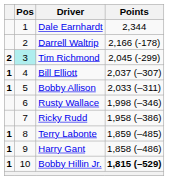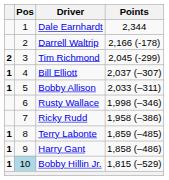 <table class="wikitable" style="font-size: 95%;">
 <tr>
 <th></th>
 <th>Pos</th>
 <th>Driver</th>
 <th>Points</th>
 </tr>
 <tr>
 <td align="left"></td>
 <td style="text-align:center;">1</td>
 <td><a href='#'>Dale Earnhardt</a></td>
 <td style="text-align:center;">2,344</td>
 </tr>
 <tr>
 <td align="left"></td>
 <td style="text-align:center;">2</td>
 <td><a href='#'>Darrell Waltrip</a></td>
 <td style="text-align:center;">2,166 (-178)</td>
 </tr>
 <tr>
 <td align="left">  <strong>2</strong></td>
-<td style="background: paleturquoise; text-align:center;">3</td>
+<td style="text-align:center;">3</td>
 <td><a href='#'>Tim Richmond</a></td>
 <td style="text-align:center;">2,045 (-299)</td>
 </tr>
 <tr>
 <td align="left">  <strong>1</strong></td>
 <td style="text-align:center;">4</td>
 <td><a href='#'>Bill Elliott</a></td>
 <td style="text-align:center;">2,037 (–307)</td>
 </tr>
 <tr>
 <td align="left">  <strong>1</strong></td>
 <td style="text-align:center;">5</td>
 <td><a href='#'>Bobby Allison</a></td>
 <td style="text-align:center;">2,033 (–311)</td>
 </tr>
 <tr>
 <td align="left"></td>
 <td style="text-align:center;">6</td>
 <td><a href='#'>Rusty Wallace</a></td>
 <td style="text-align:center;">1,998 (–346)</td>
 </tr>
 <tr>
 <td align="left"></td>
 <td style="text-align:center;">7</td>
 <td><a href='#'>Ricky Rudd</a></td>
 <td style="text-align:center;">1,958 (–386)</td>
 </tr>
 <tr>
 <td align="left">  <strong>1</strong></td>
 <td style="text-align:center;">8</td>
 <td><a href='#'>Terry Labonte</a></td>
 <td style="text-align:center;">1,859 (–485)</td>
 </tr>
 <tr>
 <td align="left">  <strong>1</strong></td>
 <td style="text-align:center;">9</td>
 <td><a href='#'>Harry Gant</a></td>
 <td style="text-align:center;">1,858 (–486)</td>
 </tr>
 <tr>
 <td align="left">  <strong>1</strong></td>
-<td style="text-align:center;">10</td>
+<td style="background: lightblue; text-align:center;">10</td>
 <td><a href='#'>Bobby Hillin Jr.</a></td>
-<td style="text-align:center;"><strong>1,815 (–529)</strong></td>
+<td style="text-align:center;">1,815 (–529)</td>
 </tr>
 <tr class="sortbottom">
 <th colspan="9"></th>
 </tr>
 </table>
